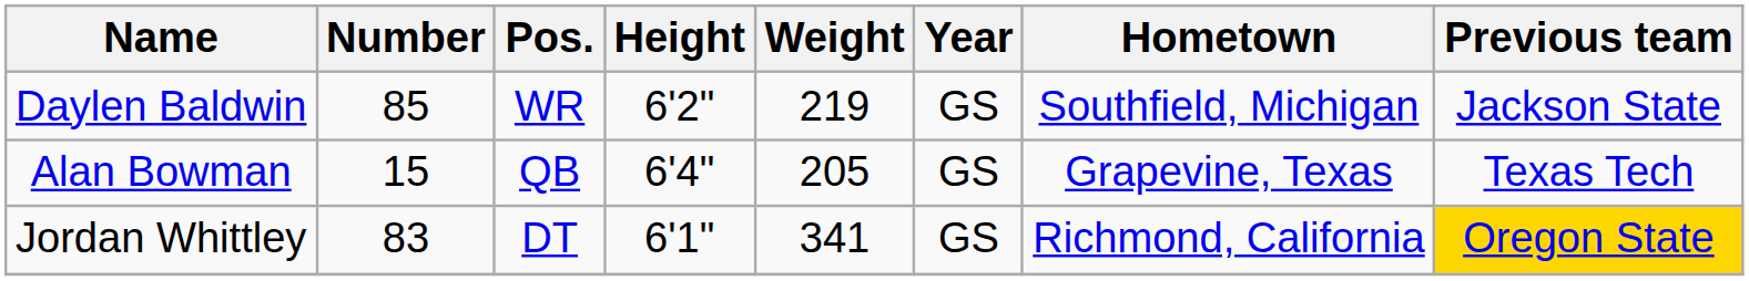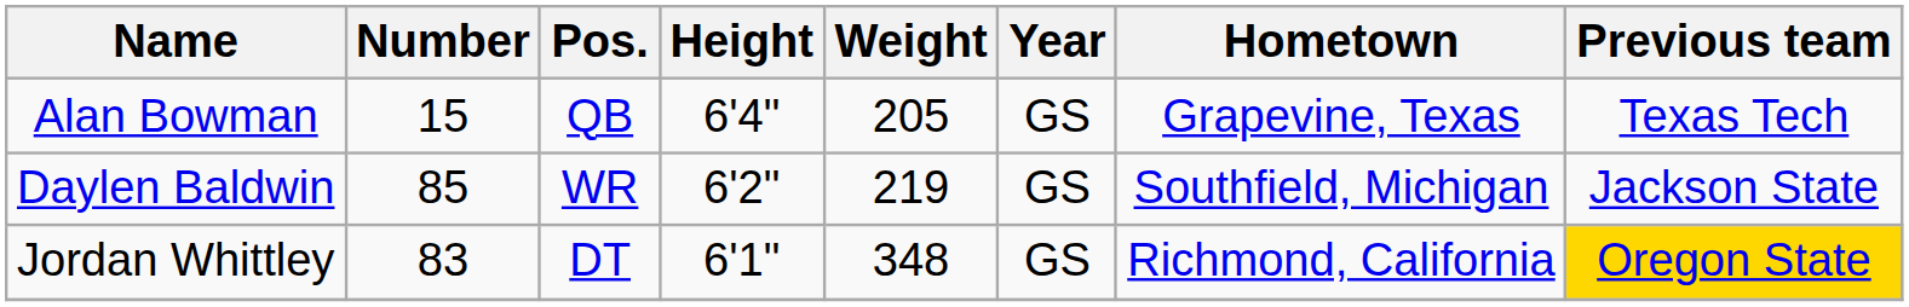 <table class="wikitable sortable sortable" style="text-align: center">
 <tr align=center>
 <th>Name</th>
 <th>Number</th>
 <th>Pos.</th>
 <th>Height</th>
 <th>Weight</th>
 <th>Year</th>
 <th>Hometown</th>
 <th>Previous team</th>
 </tr>
 <tr>
+<td><a href='#'>Alan Bowman</a></td>
+<td>15</td>
+<td><a href='#'>QB</a></td>
+<td>6'4"</td>
+<td>205</td>
+<td>GS</td>
+<td><a href='#'>Grapevine, Texas</a></td>
+<td><a href='#'>Texas Tech</a></td>
+</tr>
+<tr>
 <td><a href='#'>Daylen Baldwin</a></td>
 <td>85</td>
 <td><a href='#'>WR</a></td>
 <td>6'2"</td>
 <td>219</td>
 <td>GS</td>
 <td><a href='#'>Southfield, Michigan</a></td>
 <td><a href='#'>Jackson State</a></td>
 </tr>
 <tr>
-<td><a href='#'>Alan Bowman</a></td>
-<td>15</td>
-<td><a href='#'>QB</a></td>
-<td>6'4"</td>
-<td>205</td>
-<td>GS</td>
-<td><a href='#'>Grapevine, Texas</a></td>
-<td><a href='#'>Texas Tech</a></td>
-</tr>
-<tr>
 <td>Jordan Whittley</td>
 <td>83</td>
 <td><a href='#'>DT</a></td>
 <td>6'1"</td>
-<td>341</td>
+<td>348</td>
 <td>GS</td>
 <td><a href='#'>Richmond, California</a></td>
 <td style="background: gold;"><a href='#'>Oregon State</a></td>
 </tr>
 <tr>
 </tr>
 </table>
